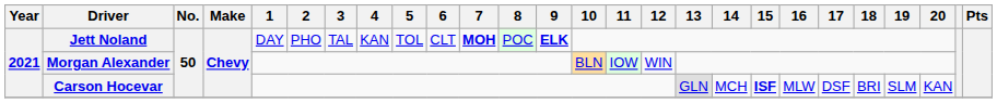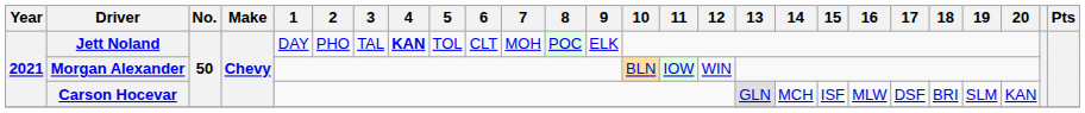 <table class="wikitable" style="text-align:center; font-size:75%">
 <tr>
 <th>Year</th>
 <th>Driver</th>
 <th>No.</th>
 <th>Make</th>
 <th>1</th>
 <th>2</th>
 <th>3</th>
 <th>4</th>
 <th>5</th>
 <th>6</th>
 <th>7</th>
 <th>8</th>
 <th>9</th>
 <th>10</th>
 <th>11</th>
 <th>12</th>
 <th>13</th>
 <th>14</th>
 <th>15</th>
 <th>16</th>
 <th>17</th>
 <th>18</th>
 <th>19</th>
 <th>20</th>
 <th></th>
 <th>Pts</th>
 </tr>
 <tr>
 <th rowspan=3><a href='#'>2021</a></th>
 <th><a href='#'>Jett Noland</a></th>
 <th rowspan=3>50</th>
 <th rowspan=3><a href='#'>Chevy</a></th>
 <td><a href='#'>DAY</a></td>
 <td><a href='#'>PHO</a></td>
 <td><a href='#'>TAL</a></td>
-<td><a href='#'>KAN</a></td>
+<td><strong><a href='#'>KAN</a></strong></td>
 <td><a href='#'>TOL</a></td>
 <td><a href='#'>CLT</a></td>
-<td><strong><a href='#'>MOH</a></strong></td>
+<td><a href='#'>MOH</a></td>
 <td style="background:#DFFFDF;"><a href='#'>POC</a><br></td>
-<td><strong><a href='#'>ELK</a></strong></td>
+<td><a href='#'>ELK</a></td>
 <td colspan=11></td>
 <th rowspan=3></th>
 <th rowspan=3></th>
 </tr>
 <tr>
 <th><a href='#'>Morgan Alexander</a></th>
 <td colspan=9></td>
 <td style="background:#FFDF9F;"><a href='#'>BLN</a><br></td>
 <td style="background:#DFFFDF;"><a href='#'>IOW</a><br></td>
 <td><a href='#'>WIN</a></td>
 <td colspan=8></td>
 </tr>
 <tr>
 <th><a href='#'>Carson Hocevar</a></th>
 <td colspan=12></td>
 <td style="background:#DFDFDF;"><a href='#'>GLN</a><br></td>
 <td><a href='#'>MCH</a></td>
-<td><strong><a href='#'>ISF</a></strong></td>
+<td><a href='#'>ISF</a></td>
 <td><a href='#'>MLW</a></td>
 <td><a href='#'>DSF</a></td>
 <td><a href='#'>BRI</a></td>
 <td><a href='#'>SLM</a></td>
 <td><a href='#'>KAN</a></td>
 </tr>
 <tr>
 </tr>
 </table>
